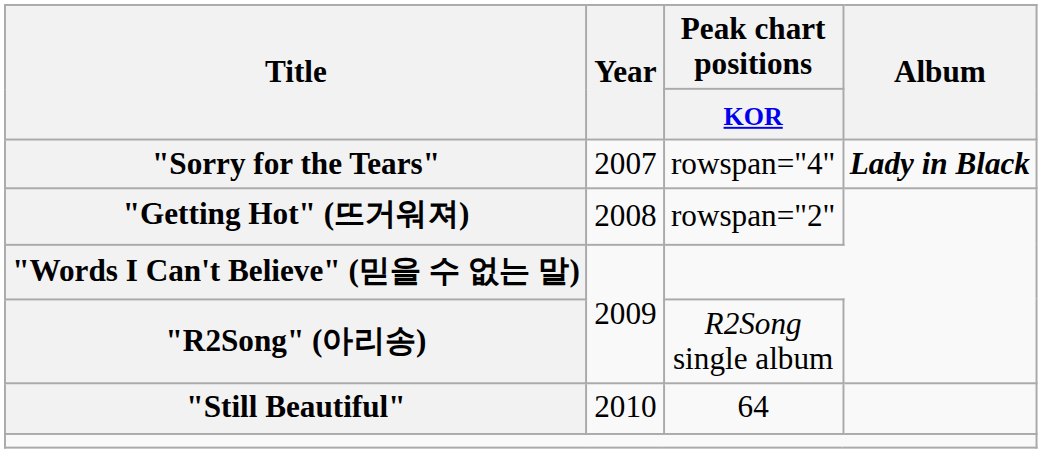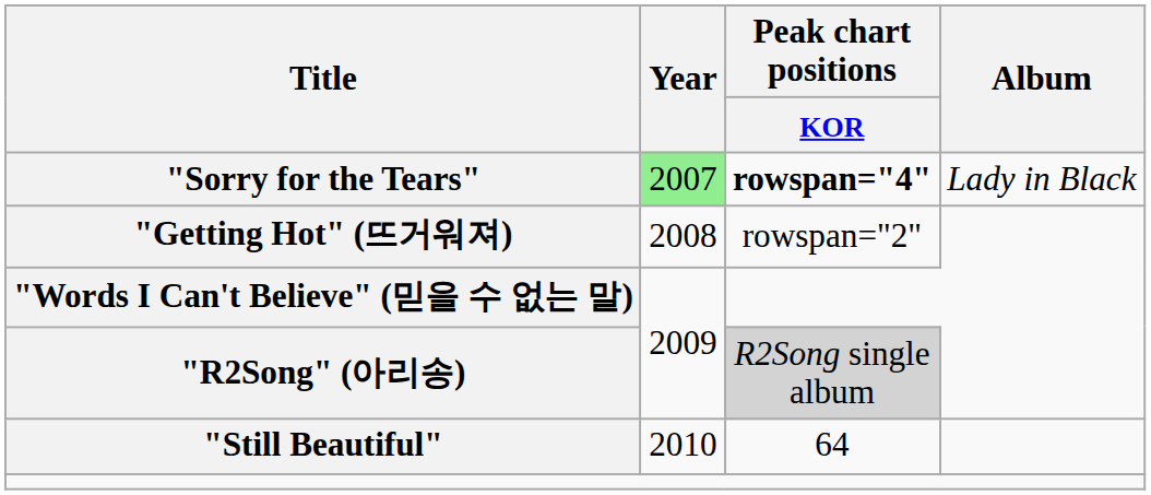 <table class="wikitable plainrowheaders" style="text-align:center">
 <tr>
 <th rowspan="2" scope="col">Title</th>
 <th rowspan="2" scope="col">Year</th>
 <th scope="col" colspan="1" style="width:5em;">Peak chart positions</th>
 <th rowspan="2" scope="col">Album</th>
 </tr>
 <tr>
 <th><small><a href='#'>KOR</a></small><br></th>
 </tr>
 <tr>
 <th scope="row">"Sorry for the Tears"</th>
-<td>2007</td>
-<td>rowspan="4" </td>
-<td><strong><em>Lady in Black</em></strong></td>
+<td style="background: lightgreen;">2007</td>
+<td><strong>rowspan="4" </strong></td>
+<td><em>Lady in Black</em></td>
 </tr>
 <tr>
 <th scope="row">"Getting Hot" (뜨거워져)</th>
 <td>2008</td>
 <td>rowspan="2" </td>
 </tr>
 <tr>
 <th scope="row">"Words I Can't Believe" (믿을 수 없는 말)</th>
 <td rowspan="2">2009</td>
 </tr>
 <tr>
 <th scope="row">"R2Song" (아리송)</th>
-<td><em>R2Song</em> single album</td>
+<td style="background: lightgrey;"><em>R2Song</em> single album</td>
 </tr>
 <tr>
 <th scope="row">"Still Beautiful"</th>
 <td>2010</td>
 <td>64</td>
 <td></td>
 </tr>
 <tr>
 <td colspan="4"></td>
 </tr>
 </table>
